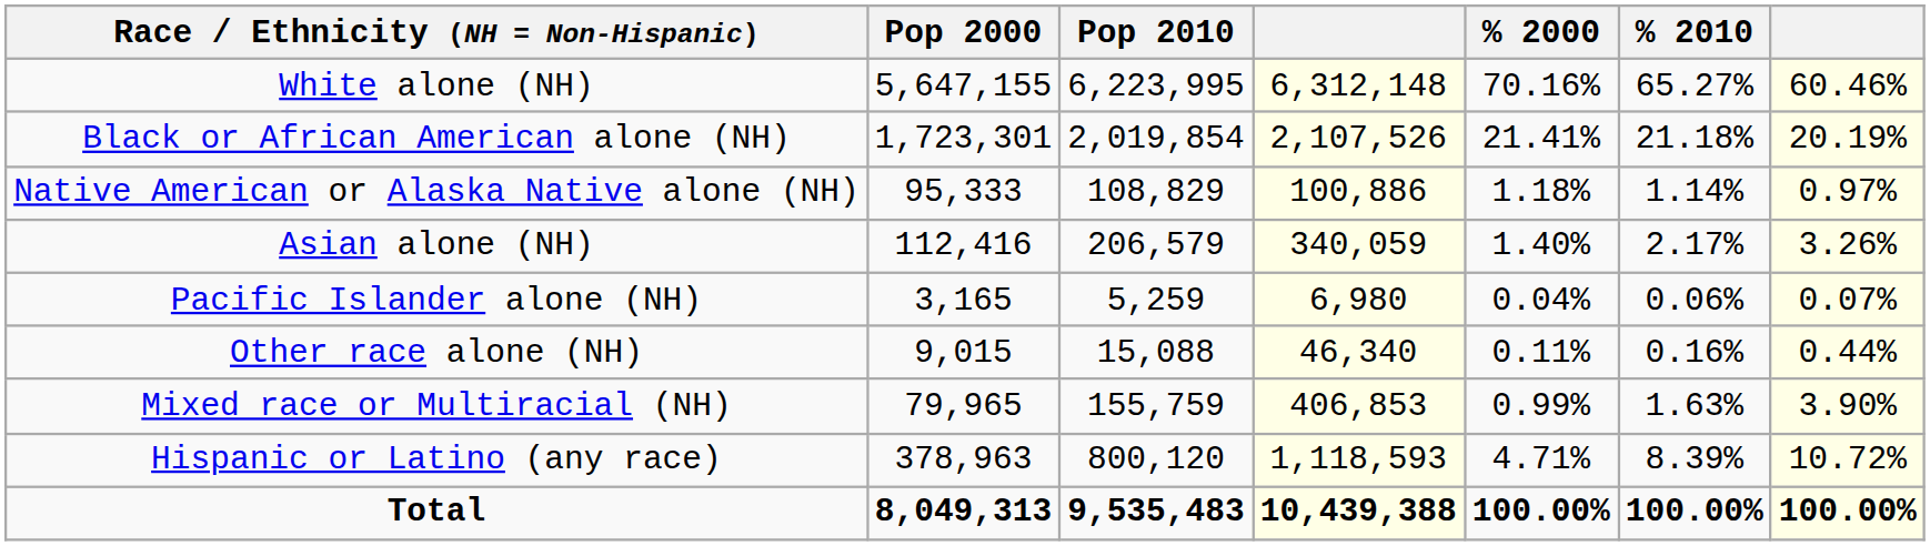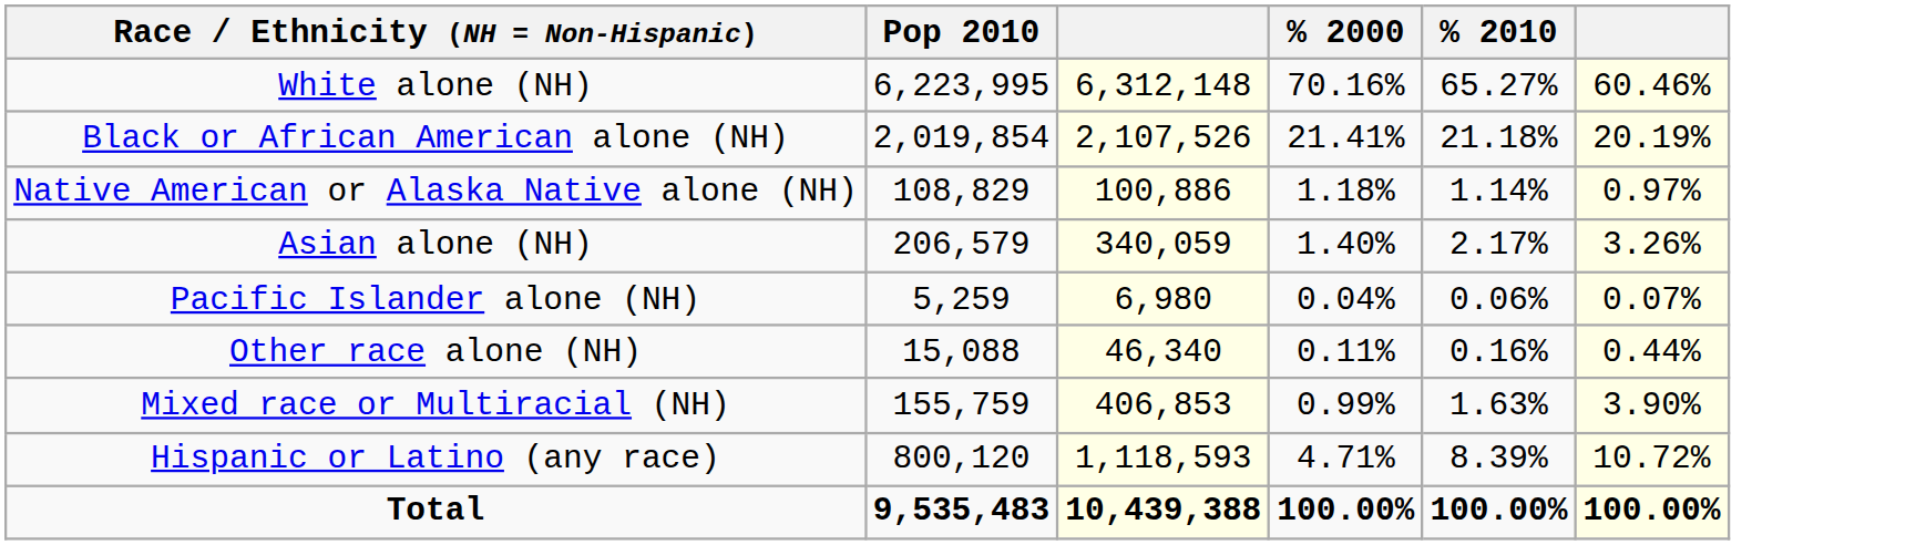 <table class="wikitable" style="text-align:center;">
 <tr>
 <th>Race / Ethnicity <small>(<em>NH = Non-Hispanic</em>)</small></th>
-<th>Pop 2000</th>
 <th>Pop 2010</th>
 <th></th>
 <th>% 2000</th>
 <th>% 2010</th>
 <th></th>
 </tr>
 <tr>
 <td><a href='#'>White</a> alone (NH)</td>
-<td>5,647,155</td>
 <td>6,223,995</td>
 <td style='background: #ffffe6;'>6,312,148</td>
 <td>70.16%</td>
 <td>65.27%</td>
 <td style='background: #ffffe6;'>60.46%</td>
 </tr>
 <tr>
 <td><a href='#'>Black or African American</a> alone (NH)</td>
-<td>1,723,301</td>
 <td>2,019,854</td>
 <td style='background: #ffffe6;'>2,107,526</td>
 <td>21.41%</td>
 <td>21.18%</td>
 <td style='background: #ffffe6;'>20.19%</td>
 </tr>
 <tr>
 <td><a href='#'>Native American</a> or <a href='#'>Alaska Native</a> alone (NH)</td>
-<td>95,333</td>
 <td>108,829</td>
 <td style='background: #ffffe6;'>100,886</td>
 <td>1.18%</td>
 <td>1.14%</td>
 <td style='background: #ffffe6;'>0.97%</td>
 </tr>
 <tr>
 <td><a href='#'>Asian</a> alone (NH)</td>
-<td>112,416</td>
 <td>206,579</td>
 <td style='background: #ffffe6;'>340,059</td>
 <td>1.40%</td>
 <td>2.17%</td>
 <td style='background: #ffffe6;'>3.26%</td>
 </tr>
 <tr>
 <td><a href='#'>Pacific Islander</a> alone (NH)</td>
-<td>3,165</td>
 <td>5,259</td>
 <td style='background: #ffffe6;'>6,980</td>
 <td>0.04%</td>
 <td>0.06%</td>
 <td style='background: #ffffe6;'>0.07%</td>
 </tr>
 <tr>
 <td><a href='#'>Other race</a> alone (NH)</td>
-<td>9,015</td>
 <td>15,088</td>
 <td style='background: #ffffe6;'>46,340</td>
 <td>0.11%</td>
 <td>0.16%</td>
 <td style='background: #ffffe6;'>0.44%</td>
 </tr>
 <tr>
 <td><a href='#'>Mixed race or Multiracial</a> (NH)</td>
-<td>79,965</td>
 <td>155,759</td>
 <td style='background: #ffffe6;'>406,853</td>
 <td>0.99%</td>
 <td>1.63%</td>
 <td style='background: #ffffe6;'>3.90%</td>
 </tr>
 <tr>
 <td><a href='#'>Hispanic or Latino</a> (any race)</td>
-<td>378,963</td>
 <td>800,120</td>
 <td style='background: #ffffe6;'>1,118,593</td>
 <td>4.71%</td>
 <td>8.39%</td>
 <td style='background: #ffffe6;'>10.72%</td>
 </tr>
 <tr>
 <td><strong>Total</strong></td>
-<td><strong>8,049,313</strong></td>
 <td><strong>9,535,483</strong></td>
 <td style='background: #ffffe6;'><strong>10,439,388 </strong></td>
 <td><strong>100.00%</strong></td>
 <td><strong>100.00%</strong></td>
 <td style='background: #ffffe6;'><strong>100.00%</strong></td>
 </tr>
 </table>
